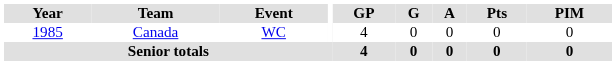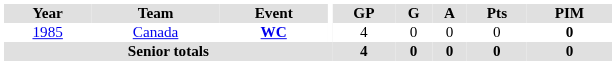 <table border="0" cellpadding="1" cellspacing="0" ID="Table3" style="text-align:center; width:40em">
 <tr bgcolor="#e0e0e0">
 <th>Year</th>
 <th>Team</th>
 <th>Event</th>
 <th rowspan="102" bgcolor="#ffffff"></th>
 <th>GP</th>
 <th>G</th>
 <th>A</th>
 <th>Pts</th>
 <th>PIM</th>
 </tr>
 <tr>
 <td><a href='#'>1985</a></td>
 <td><a href='#'>Canada</a></td>
-<td><a href='#'>WC</a></td>
+<td><strong><a href='#'>WC</a></strong></td>
 <td>4</td>
 <td>0</td>
 <td>0</td>
 <td>0</td>
-<td>0</td>
+<td><strong>0</strong></td>
 </tr>
 <tr bgcolor="#e0e0e0">
 <th colspan="4">Senior totals</th>
 <th>4</th>
 <th>0</th>
 <th>0</th>
 <th>0</th>
 <th>0</th>
 </tr>
 </table>
